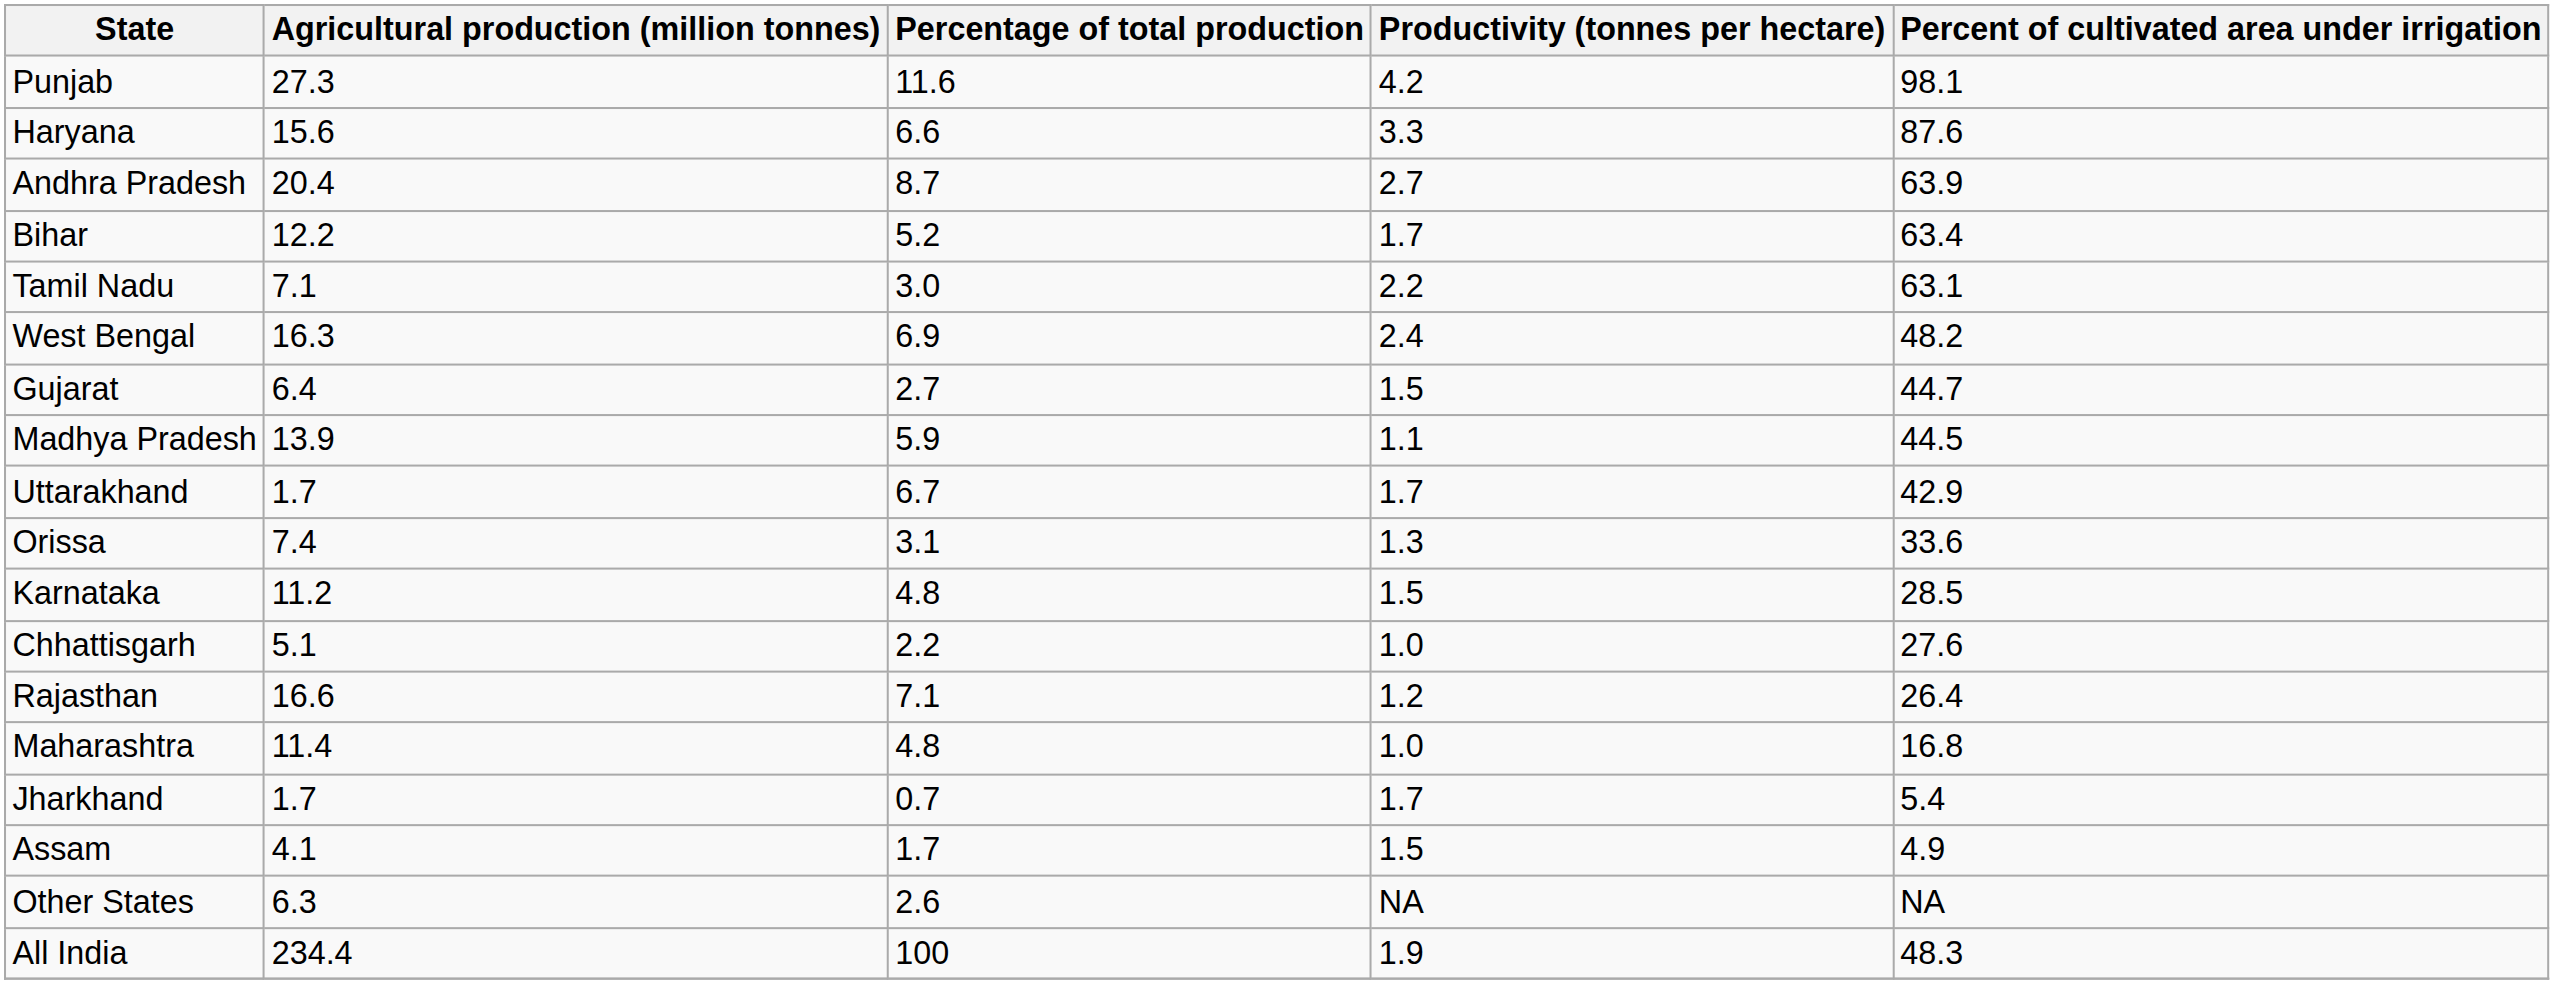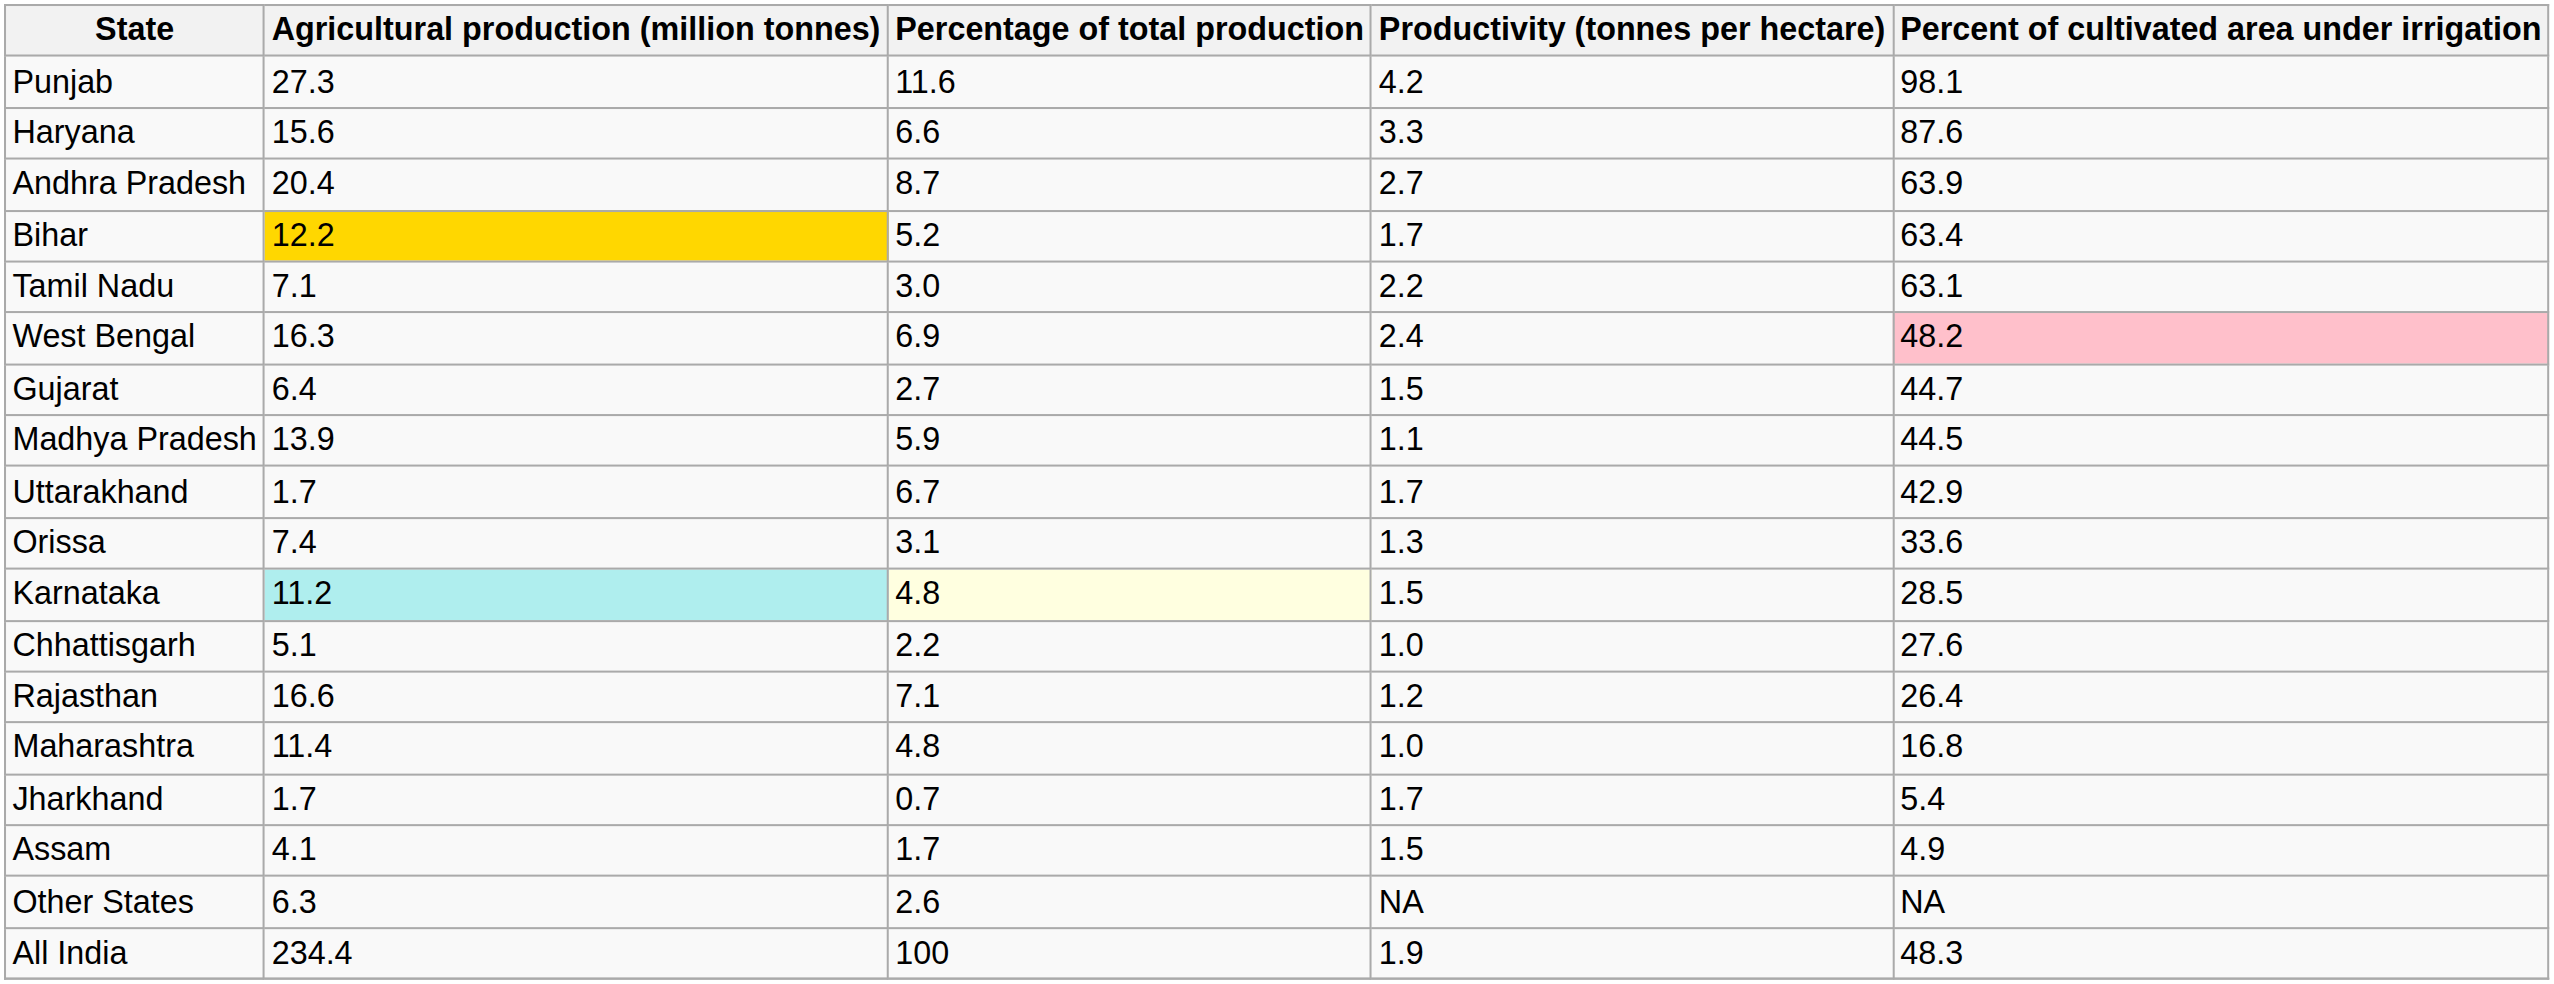 <table class="wikitable sortable">
 <tr>
 <th>State</th>
 <th>Agricultural production (million tonnes)</th>
 <th>Percentage of total production</th>
 <th>Productivity (tonnes per hectare)</th>
 <th>Percent of cultivated area under irrigation</th>
 </tr>
 <tr>
 <td>Punjab</td>
 <td>27.3</td>
 <td>11.6</td>
 <td>4.2</td>
 <td>98.1</td>
 </tr>
 <tr>
 <td>Haryana</td>
 <td>15.6</td>
 <td>6.6</td>
 <td>3.3</td>
 <td>87.6</td>
 </tr>
 <tr>
 <td>Andhra Pradesh</td>
 <td>20.4</td>
 <td>8.7</td>
 <td>2.7</td>
 <td>63.9</td>
 </tr>
 <tr>
 <td>Bihar</td>
-<td>12.2</td>
+<td style="background: gold;">12.2</td>
 <td>5.2</td>
 <td>1.7</td>
 <td>63.4</td>
 </tr>
 <tr>
 <td>Tamil Nadu</td>
 <td>7.1</td>
 <td>3.0</td>
 <td>2.2</td>
 <td>63.1</td>
 </tr>
 <tr>
 <td>West Bengal</td>
 <td>16.3</td>
 <td>6.9</td>
 <td>2.4</td>
-<td>48.2</td>
+<td style="background: pink;">48.2</td>
 </tr>
 <tr>
 <td>Gujarat</td>
 <td>6.4</td>
 <td>2.7</td>
 <td>1.5</td>
 <td>44.7</td>
 </tr>
 <tr>
 <td>Madhya Pradesh</td>
 <td>13.9</td>
 <td>5.9</td>
 <td>1.1</td>
 <td>44.5</td>
 </tr>
 <tr>
 <td>Uttarakhand</td>
 <td>1.7</td>
 <td>6.7</td>
 <td>1.7</td>
 <td>42.9</td>
 </tr>
 <tr>
 <td>Orissa</td>
 <td>7.4</td>
 <td>3.1</td>
 <td>1.3</td>
 <td>33.6</td>
 </tr>
 <tr>
 <td>Karnataka</td>
-<td>11.2</td>
-<td>4.8</td>
+<td style="background: paleturquoise;">11.2</td>
+<td style="background: lightyellow;">4.8</td>
 <td>1.5</td>
 <td>28.5</td>
 </tr>
 <tr>
 <td>Chhattisgarh</td>
 <td>5.1</td>
 <td>2.2</td>
 <td>1.0</td>
 <td>27.6</td>
 </tr>
 <tr>
 <td>Rajasthan</td>
 <td>16.6</td>
 <td>7.1</td>
 <td>1.2</td>
 <td>26.4</td>
 </tr>
 <tr>
 <td>Maharashtra</td>
 <td>11.4</td>
 <td>4.8</td>
 <td>1.0</td>
 <td>16.8</td>
 </tr>
 <tr>
 <td>Jharkhand</td>
 <td>1.7</td>
 <td>0.7</td>
 <td>1.7</td>
 <td>5.4</td>
 </tr>
 <tr>
 <td>Assam</td>
 <td>4.1</td>
 <td>1.7</td>
 <td>1.5</td>
 <td>4.9</td>
 </tr>
 <tr>
 <td>Other States</td>
 <td>6.3</td>
 <td>2.6</td>
 <td>NA</td>
 <td>NA</td>
 </tr>
 <tr>
 <td>All India</td>
 <td>234.4</td>
 <td>100</td>
 <td>1.9</td>
 <td>48.3</td>
 </tr>
 <tr>
 </tr>
 </table>
